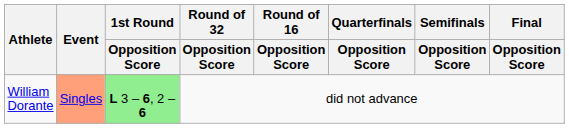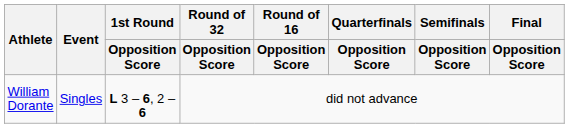 <table class="wikitable" style="font-size:90%">
 <tr>
 <th rowspan=2>Athlete</th>
 <th rowspan=2>Event</th>
 <th>1st Round</th>
 <th>Round of 32</th>
 <th>Round of 16</th>
 <th>Quarterfinals</th>
 <th>Semifinals</th>
 <th>Final</th>
 </tr>
 <tr>
 <th>Opposition<br>Score</th>
 <th>Opposition<br>Score</th>
 <th>Opposition<br>Score</th>
 <th>Opposition<br>Score</th>
 <th>Opposition<br>Score</th>
 <th>Opposition<br>Score</th>
 </tr>
 <tr>
 <td><a href='#'>William Dorante</a></td>
-<td style="background: lightsalmon;"><a href='#'>Singles</a></td>
-<td align=center style="background: lightgreen;"><br><strong>L</strong> 3 – <strong>6</strong>, 2 – <strong>6</strong></td>
+<td><a href='#'>Singles</a></td>
+<td align=center><br><strong>L</strong> 3 – <strong>6</strong>, 2 – <strong>6</strong></td>
 <td align="center" colspan="7">did not advance</td>
 </tr>
 </table>
